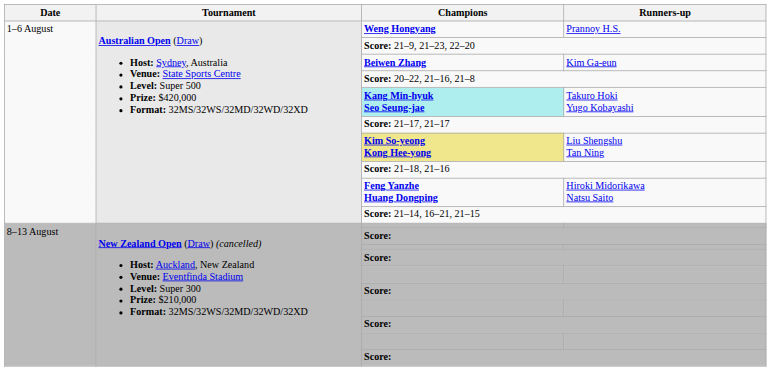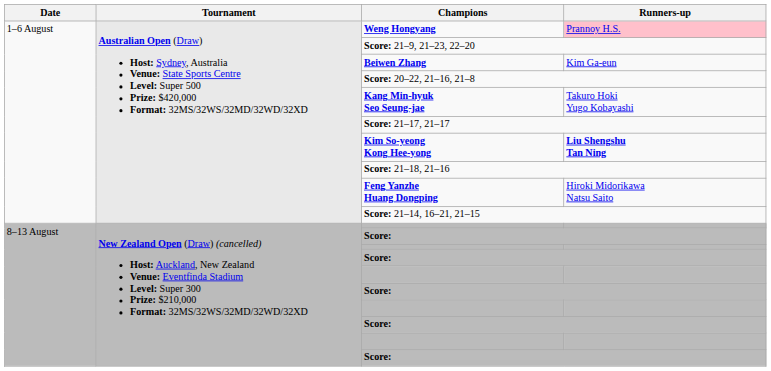 <table class="wikitable" style="font-size:80%">
 <tr>
 <th width="110">Date</th>
 <th width="330">Tournament</th>
 <th width="250">Champions</th>
 <th width="250">Runners-up</th>
 </tr>
 <tr valign="top">
 <td rowspan="10">1–6 August</td>
 <td bgcolor="#E9E9E9" rowspan="10"><br><strong><a href='#'>Australian Open</a></strong> (<a href='#'>Draw</a>)<ul><li><strong>Host:</strong> <a href='#'>Sydney</a>, Australia</li><li><strong>Venue:</strong> <a href='#'>State Sports Centre</a></li><li><strong>Level:</strong> Super 500</li><li><strong>Prize:</strong> $420,000</li><li><strong>Format:</strong> 32MS/32WS/32MD/32WD/32XD</li></ul></td>
 <td><strong> <a href='#'>Weng Hongyang</a></strong></td>
-<td> <a href='#'>Prannoy H.S.</a></td>
+<td style="background: pink;"> <a href='#'>Prannoy H.S.</a></td>
 </tr>
 <tr>
 <td colspan="2"><strong>Score:</strong> 21–9, 21–23, 22–20</td>
 </tr>
 <tr valign="top">
 <td><strong> <a href='#'>Beiwen Zhang</a></strong></td>
 <td> <a href='#'>Kim Ga-eun</a></td>
 </tr>
 <tr>
 <td colspan="2"><strong>Score:</strong> 20–22, 21–16, 21–8</td>
 </tr>
 <tr valign="top">
-<td style="background: paleturquoise;"><strong> <a href='#'>Kang Min-hyuk</a><br> <a href='#'>Seo Seung-jae</a></strong></td>
+<td><strong> <a href='#'>Kang Min-hyuk</a><br> <a href='#'>Seo Seung-jae</a></strong></td>
 <td> <a href='#'>Takuro Hoki</a><br> <a href='#'>Yugo Kobayashi</a></td>
 </tr>
 <tr>
 <td colspan="2"><strong>Score:</strong> 21–17, 21–17</td>
 </tr>
 <tr valign="top">
-<td style="background: khaki;"><strong> <a href='#'>Kim So-yeong</a><br> <a href='#'>Kong Hee-yong</a></strong></td>
-<td> <a href='#'>Liu Shengshu</a><br> <a href='#'>Tan Ning</a></td>
+<td><strong> <a href='#'>Kim So-yeong</a><br> <a href='#'>Kong Hee-yong</a></strong></td>
+<td><strong> <a href='#'>Liu Shengshu</a><br> <a href='#'>Tan Ning</a></strong></td>
 </tr>
 <tr>
 <td colspan="2"><strong>Score:</strong> 21–18, 21–16</td>
 </tr>
 <tr valign="top">
 <td><strong> <a href='#'>Feng Yanzhe</a><br> <a href='#'>Huang Dongping</a></strong></td>
 <td> <a href='#'>Hiroki Midorikawa</a><br> <a href='#'>Natsu Saito</a></td>
 </tr>
 <tr>
 <td colspan="2"><strong>Score:</strong> 21–14, 16–21, 21–15</td>
 </tr>
 <tr valign="top"  bgcolor="#BBBBBB">
 <td rowspan="10">8–13 August</td>
 <td bgcolor="#BBBBBB" rowspan="10"><br><strong><a href='#'>New Zealand Open</a></strong> (<a href='#'>Draw</a>) <em>(cancelled)</em><ul><li><strong>Host:</strong> <a href='#'>Auckland</a>, New Zealand</li><li><strong>Venue:</strong> <a href='#'>Eventfinda Stadium</a></li><li><strong>Level:</strong> Super 300</li><li><strong>Prize:</strong> $210,000</li><li><strong>Format:</strong> 32MS/32WS/32MD/32WD/32XD</li></ul></td>
 <td bgcolor="#BBBBBB"><strong> </strong></td>
 <td bgcolor="#BBBBBB"></td>
 </tr>
 <tr bgcolor="#BBBBBB">
 <td colspan="2"><strong>Score:</strong></td>
 </tr>
 <tr valign="top" bgcolor="#BBBBBB">
 <td><strong> </strong></td>
 <td></td>
 </tr>
 <tr bgcolor="#BBBBBB">
 <td colspan="2"><strong>Score:</strong></td>
 </tr>
 <tr valign="top" bgcolor="#BBBBBB">
 <td><strong> <br> </strong></td>
 <td> <br></td>
 </tr>
 <tr bgcolor="#BBBBBB">
 <td colspan="2"><strong>Score:</strong></td>
 </tr>
 <tr valign="top" bgcolor="#BBBBBB">
 <td><strong> <br> </strong></td>
 <td> <br></td>
 </tr>
 <tr bgcolor="#BBBBBB">
 <td colspan="2"><strong>Score:</strong></td>
 </tr>
 <tr valign="top" bgcolor="#BBBBBB">
 <td><strong> <br> </strong></td>
 <td> <br></td>
 </tr>
 <tr bgcolor="#BBBBBB">
 <td colspan="2"><strong>Score:</strong></td>
 </tr>
 </table>
